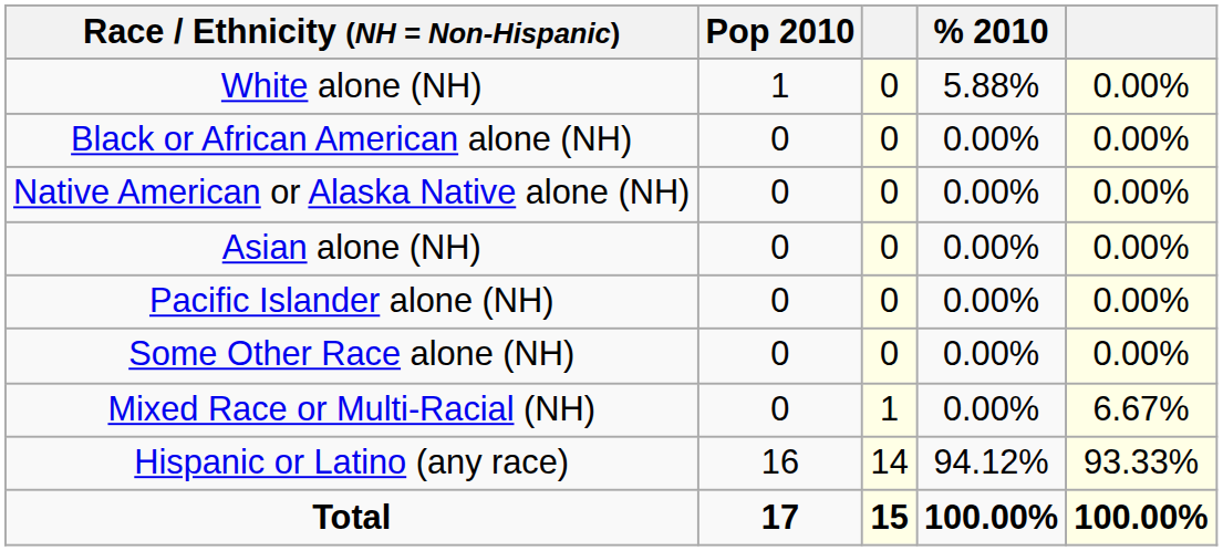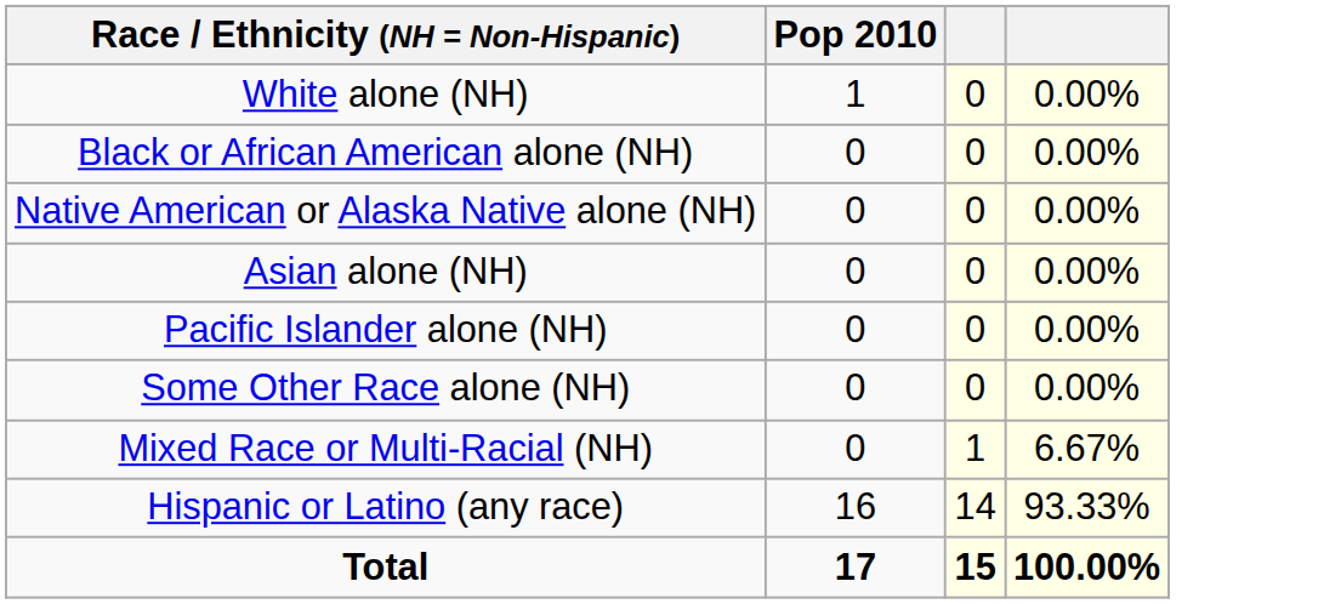 <table class="wikitable" style="text-align:center;">
 <tr>
 <th>Race / Ethnicity <small>(<em>NH = Non-Hispanic</em>)</small></th>
 <th>Pop 2010</th>
 <th></th>
-<th>% 2010</th>
 <th></th>
 </tr>
 <tr>
 <td><a href='#'>White</a> alone (NH)</td>
 <td>1</td>
 <td style='background: #ffffe6;'>0</td>
-<td>5.88%</td>
 <td style='background: #ffffe6;'>0.00%</td>
 </tr>
 <tr>
 <td><a href='#'>Black or African American</a> alone (NH)</td>
 <td>0</td>
 <td style='background: #ffffe6;'>0</td>
-<td>0.00%</td>
 <td style='background: #ffffe6;'>0.00%</td>
 </tr>
 <tr>
 <td><a href='#'>Native American</a> or <a href='#'>Alaska Native</a> alone (NH)</td>
 <td>0</td>
 <td style='background: #ffffe6;'>0</td>
-<td>0.00%</td>
 <td style='background: #ffffe6;'>0.00%</td>
 </tr>
 <tr>
 <td><a href='#'>Asian</a> alone (NH)</td>
 <td>0</td>
 <td style='background: #ffffe6;'>0</td>
-<td>0.00%</td>
 <td style='background: #ffffe6;'>0.00%</td>
 </tr>
 <tr>
 <td><a href='#'>Pacific Islander</a> alone (NH)</td>
 <td>0</td>
 <td style='background: #ffffe6;'>0</td>
-<td>0.00%</td>
 <td style='background: #ffffe6;'>0.00%</td>
 </tr>
 <tr>
 <td><a href='#'>Some Other Race</a> alone (NH)</td>
 <td>0</td>
 <td style='background: #ffffe6;'>0</td>
-<td>0.00%</td>
 <td style='background: #ffffe6;'>0.00%</td>
 </tr>
 <tr>
 <td><a href='#'>Mixed Race or Multi-Racial</a> (NH)</td>
 <td>0</td>
 <td style='background: #ffffe6;'>1</td>
-<td>0.00%</td>
 <td style='background: #ffffe6;'>6.67%</td>
 </tr>
 <tr>
 <td><a href='#'>Hispanic or Latino</a> (any race)</td>
 <td>16</td>
 <td style='background: #ffffe6;'>14</td>
-<td>94.12%</td>
 <td style='background: #ffffe6;'>93.33%</td>
 </tr>
 <tr>
 <td><strong>Total</strong></td>
 <td><strong>17</strong></td>
 <td style='background: #ffffe6;'><strong>15</strong></td>
-<td><strong>100.00%</strong></td>
 <td style='background: #ffffe6;'><strong>100.00%</strong></td>
 </tr>
 </table>
